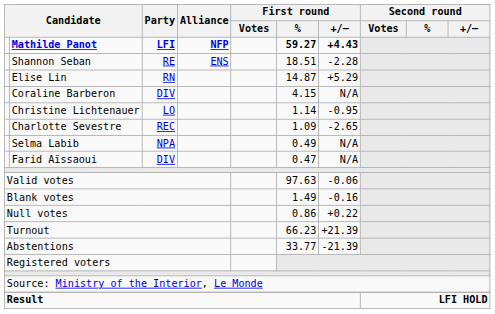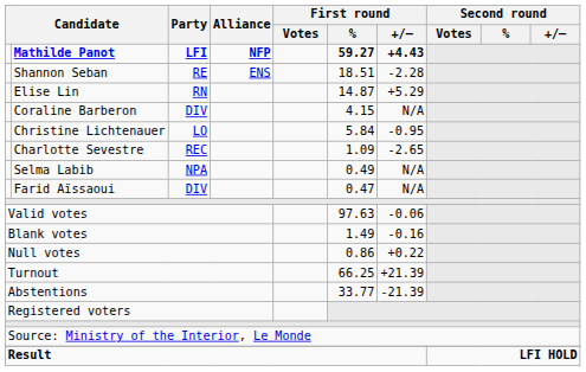 <table class="wikitable" style="text-align:right;font-size:95%;">
 <tr>
 <th rowspan="2" colspan="2">Candidate</th>
 <th rowspan="2">Party</th>
 <th rowspan="2">Alliance</th>
 <th colspan="3">First round</th>
 <th colspan="3">Second round</th>
 </tr>
 <tr>
 <th style="width:50px;">Votes</th>
 <th style="width:45px;">%</th>
 <th style="width:45px;">+/–</th>
 <th style="width:50px;">Votes</th>
 <th style="width:45px;">%</th>
 <th style="width:45px;">+/–</th>
 </tr>
 <tr>
 <td style="color:inherit;background:"></td>
 <td style="text-align:left;"><strong><a href='#'>Mathilde Panot</a></strong></td>
 <td><a href='#'><strong>LFI</strong></a></td>
 <td><a href='#'><strong>NFP</strong></a></td>
 <td><strong></strong></td>
 <td><strong>59.27</strong></td>
 <td><strong>+4.43</strong></td>
 <td colspan="3" style="background:#E9E9E9;"></td>
 </tr>
 <tr>
 <td style="color:inherit;background:"></td>
 <td style="text-align:left;">Shannon Seban</td>
 <td><a href='#'>RE</a></td>
 <td><a href='#'>ENS</a></td>
 <td></td>
 <td>18.51</td>
 <td>-2.28</td>
 <td colspan="3" style="background:#E9E9E9;"></td>
 </tr>
 <tr>
 <td style="color:inherit;background:"></td>
 <td style="text-align:left;">Elise Lin</td>
 <td><a href='#'>RN</a></td>
 <td></td>
 <td></td>
 <td>14.87</td>
 <td>+5.29</td>
 <td colspan="3" style="background:#E9E9E9;"></td>
 </tr>
 <tr>
 <td style="color:inherit;background:"></td>
 <td style="text-align:left;">Coraline Barberon</td>
 <td><a href='#'>DIV</a></td>
 <td></td>
 <td></td>
 <td>4.15</td>
 <td>N/A</td>
 <td colspan="3" style="background:#E9E9E9;"></td>
 </tr>
 <tr>
 <td style="color:inherit;background:"></td>
 <td style="text-align:left;">Christine Lichtenauer</td>
 <td><a href='#'>LO</a></td>
 <td></td>
 <td></td>
-<td>1.14</td>
+<td>5.84</td>
 <td>-0.95</td>
 <td colspan="3" style="background:#E9E9E9;"></td>
 </tr>
 <tr>
 <td style="color:inherit;background:"></td>
 <td style="text-align:left;">Charlotte Sevestre</td>
 <td><a href='#'>REC</a></td>
 <td></td>
 <td></td>
 <td>1.09</td>
 <td>-2.65</td>
 <td colspan="3" style="background:#E9E9E9;"></td>
 </tr>
 <tr>
 <td style="color:inherit;background:"></td>
 <td style="text-align:left;">Selma Labib</td>
 <td><a href='#'>NPA</a></td>
 <td></td>
 <td></td>
 <td>0.49</td>
 <td>N/A</td>
 <td colspan="3" style="background:#E9E9E9;"></td>
 </tr>
 <tr>
 <td style="color:inherit;background:"></td>
 <td style="text-align:left;">Farid Aïssaoui</td>
 <td><a href='#'>DIV</a></td>
 <td></td>
 <td></td>
 <td>0.47</td>
 <td>N/A</td>
 <td colspan="3" style="background:#E9E9E9;"></td>
 </tr>
 <tr>
 <td colspan="10" style="background:#E9E9E9;"></td>
 </tr>
 <tr>
 <td colspan="4" style="text-align:left;">Valid votes</td>
 <td></td>
 <td>97.63</td>
 <td>-0.06</td>
 <td colspan="3" style="background:#E9E9E9;"></td>
 </tr>
 <tr>
 <td colspan="4" style="text-align:left;">Blank votes</td>
 <td></td>
 <td>1.49</td>
 <td>-0.16</td>
 <td colspan="3" style="background:#E9E9E9;"></td>
 </tr>
 <tr>
 <td colspan="4" style="text-align:left;">Null votes</td>
 <td></td>
 <td>0.86</td>
 <td>+0.22</td>
 <td colspan="3" style="background:#E9E9E9;"></td>
 </tr>
 <tr>
 <td colspan="4" style="text-align:left;">Turnout</td>
 <td></td>
-<td>66.23</td>
+<td>66.25</td>
 <td>+21.39</td>
 <td colspan="3" style="background:#E9E9E9;"></td>
 </tr>
 <tr>
 <td colspan="4" style="text-align:left;">Abstentions</td>
 <td></td>
 <td>33.77</td>
 <td>-21.39</td>
 <td colspan="3" style="background:#E9E9E9;"></td>
 </tr>
 <tr>
 <td colspan="4" style="text-align:left;">Registered voters</td>
 <td></td>
 <td colspan="5" style="background:#E9E9E9;"></td>
 </tr>
 <tr>
 <td colspan="10" style="background:#E9E9E9;"></td>
 </tr>
 <tr>
 <td colspan="10" style="text-align:left;">Source: <a href='#'>Ministry of the Interior</a>, <a href='#'>Le Monde</a></td>
 </tr>
 <tr>
 </tr>
 <tr style="font-weight:bold">
 <td colspan="7" style="text-align:left;">Result</td>
 <td colspan="7" style="background-color:">LFI HOLD</td>
 </tr>
 </table>
